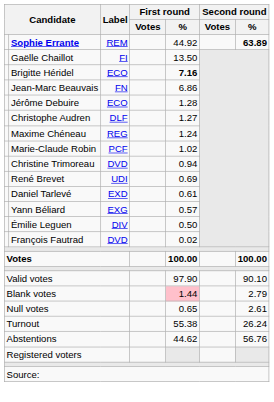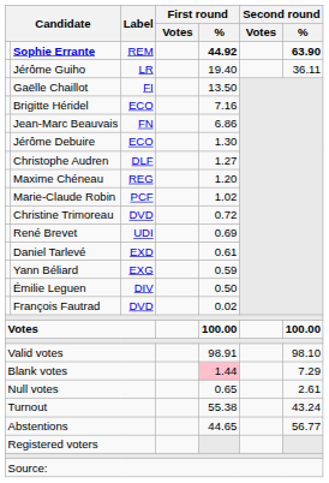 <table class="wikitable" style="text-align:right;font-size:95%;">
 <tr>
 <th rowspan="2" colspan="2">Candidate</th>
 <th rowspan="2">Label</th>
 <th colspan="2">First round</th>
 <th colspan="2">Second round</th>
 </tr>
 <tr>
 <th style="width:50px;">Votes</th>
 <th style="width:45px;">%</th>
 <th style="width:50px;">Votes</th>
 <th style="width:45px;">%</th>
 </tr>
 <tr>
 <td style="color:inherit;background:"></td>
 <td style="text-align:left;"><strong><a href='#'>Sophie Errante</a></strong></td>
 <td><a href='#'>REM</a></td>
 <td></td>
-<td>44.92</td>
+<td><strong>44.92</strong></td>
 <td><strong></strong></td>
-<td><strong>63.89</strong></td>
+<td><strong>63.90</strong></td>
+</tr>
+<tr>
+<td style="color:inherit;background:"></td>
+<td style="text-align:left;">Jérôme Guiho</td>
+<td><a href='#'>LR</a></td>
+<td></td>
+<td>19.40</td>
+<td></td>
+<td>36.11</td>
 </tr>
 <tr>
 <td style="color:inherit;background:"></td>
 <td style="text-align:left;">Gaëlle Chaillot</td>
 <td><a href='#'>FI</a></td>
 <td></td>
 <td>13.50</td>
 <td colspan="2" rowspan="13" style="background:#E9E9E9;"></td>
 </tr>
 <tr>
 <td style="color:inherit;background:"></td>
 <td style="text-align:left;">Brigitte Héridel</td>
 <td><a href='#'>ECO</a></td>
 <td></td>
-<td><strong>7.16</strong></td>
+<td>7.16</td>
 </tr>
 <tr>
 <td style="color:inherit;background:"></td>
 <td style="text-align:left;">Jean-Marc Beauvais</td>
 <td><a href='#'>FN</a></td>
 <td></td>
 <td>6.86</td>
 </tr>
 <tr>
 <td style="color:inherit;background:"></td>
 <td style="text-align:left;">Jérôme Debuire</td>
 <td><a href='#'>ECO</a></td>
 <td></td>
-<td>1.28</td>
+<td>1.30</td>
 </tr>
 <tr>
 <td style="color:inherit;background:"></td>
 <td style="text-align:left;">Christophe Audren</td>
 <td><a href='#'>DLF</a></td>
 <td></td>
 <td>1.27</td>
 </tr>
 <tr>
 <td style="color:inherit;background:"></td>
 <td style="text-align:left;">Maxime Chéneau</td>
 <td><a href='#'>REG</a></td>
 <td></td>
-<td>1.24</td>
+<td>1.20</td>
 </tr>
 <tr>
 <td style="color:inherit;background:"></td>
 <td style="text-align:left;">Marie-Claude Robin</td>
 <td><a href='#'>PCF</a></td>
 <td></td>
 <td>1.02</td>
 </tr>
 <tr>
 <td style="color:inherit;background:"></td>
 <td style="text-align:left;">Christine Trimoreau</td>
 <td><a href='#'>DVD</a></td>
 <td></td>
-<td>0.94</td>
+<td>0.72</td>
 </tr>
 <tr>
 <td style="color:inherit;background:"></td>
 <td style="text-align:left;">René Brevet</td>
 <td><a href='#'>UDI</a></td>
 <td></td>
 <td>0.69</td>
 </tr>
 <tr>
 <td style="color:inherit;background:"></td>
 <td style="text-align:left;">Daniel Tarlevé</td>
 <td><a href='#'>EXD</a></td>
 <td></td>
 <td>0.61</td>
 </tr>
 <tr>
 <td style="color:inherit;background:"></td>
 <td style="text-align:left;">Yann Béliard</td>
 <td><a href='#'>EXG</a></td>
 <td></td>
-<td>0.57</td>
+<td>0.59</td>
 </tr>
 <tr>
 <td style="color:inherit;background:"></td>
 <td style="text-align:left;">Émilie Leguen</td>
 <td><a href='#'>DIV</a></td>
 <td></td>
 <td>0.50</td>
 </tr>
 <tr>
 <td style="color:inherit;background:"></td>
 <td style="text-align:left;">François Fautrad</td>
 <td><a href='#'>DVD</a></td>
 <td></td>
 <td>0.02</td>
 </tr>
 <tr>
 <td colspan="7" style="background:#E9E9E9;"></td>
 </tr>
 <tr style="font-weight:bold;">
 <td colspan="3" style="text-align:left;">Votes</td>
 <td></td>
 <td>100.00</td>
 <td></td>
 <td>100.00</td>
 </tr>
 <tr>
 <td colspan="7" style="background:#E9E9E9;"></td>
 </tr>
 <tr>
 <td colspan="3" style="text-align:left;">Valid votes</td>
 <td></td>
-<td>97.90</td>
+<td>98.91</td>
 <td></td>
-<td>90.10</td>
+<td>98.10</td>
 </tr>
 <tr>
 <td colspan="3" style="text-align:left;">Blank votes</td>
 <td></td>
 <td style="background: pink;">1.44</td>
 <td></td>
-<td>2.79</td>
+<td>7.29</td>
 </tr>
 <tr>
 <td colspan="3" style="text-align:left;">Null votes</td>
 <td></td>
 <td>0.65</td>
 <td></td>
 <td>2.61</td>
 </tr>
 <tr>
 <td colspan="3" style="text-align:left;">Turnout</td>
 <td></td>
 <td>55.38</td>
 <td></td>
-<td>26.24</td>
+<td>43.24</td>
 </tr>
 <tr>
 <td colspan="3" style="text-align:left;">Abstentions</td>
 <td></td>
-<td>44.62</td>
+<td>44.65</td>
 <td></td>
-<td>56.76</td>
+<td>56.77</td>
 </tr>
 <tr>
 <td colspan="3" style="text-align:left;">Registered voters</td>
 <td></td>
 <td style="color:inherit;background:#E9E9E9;"></td>
 <td></td>
 <td style="color:inherit;background:#E9E9E9;"></td>
 </tr>
 <tr>
 <td colspan="7" style="background:#E9E9E9;"></td>
 </tr>
 <tr>
 <td colspan="7" style="text-align:left;">Source: </td>
 </tr>
 </table>
